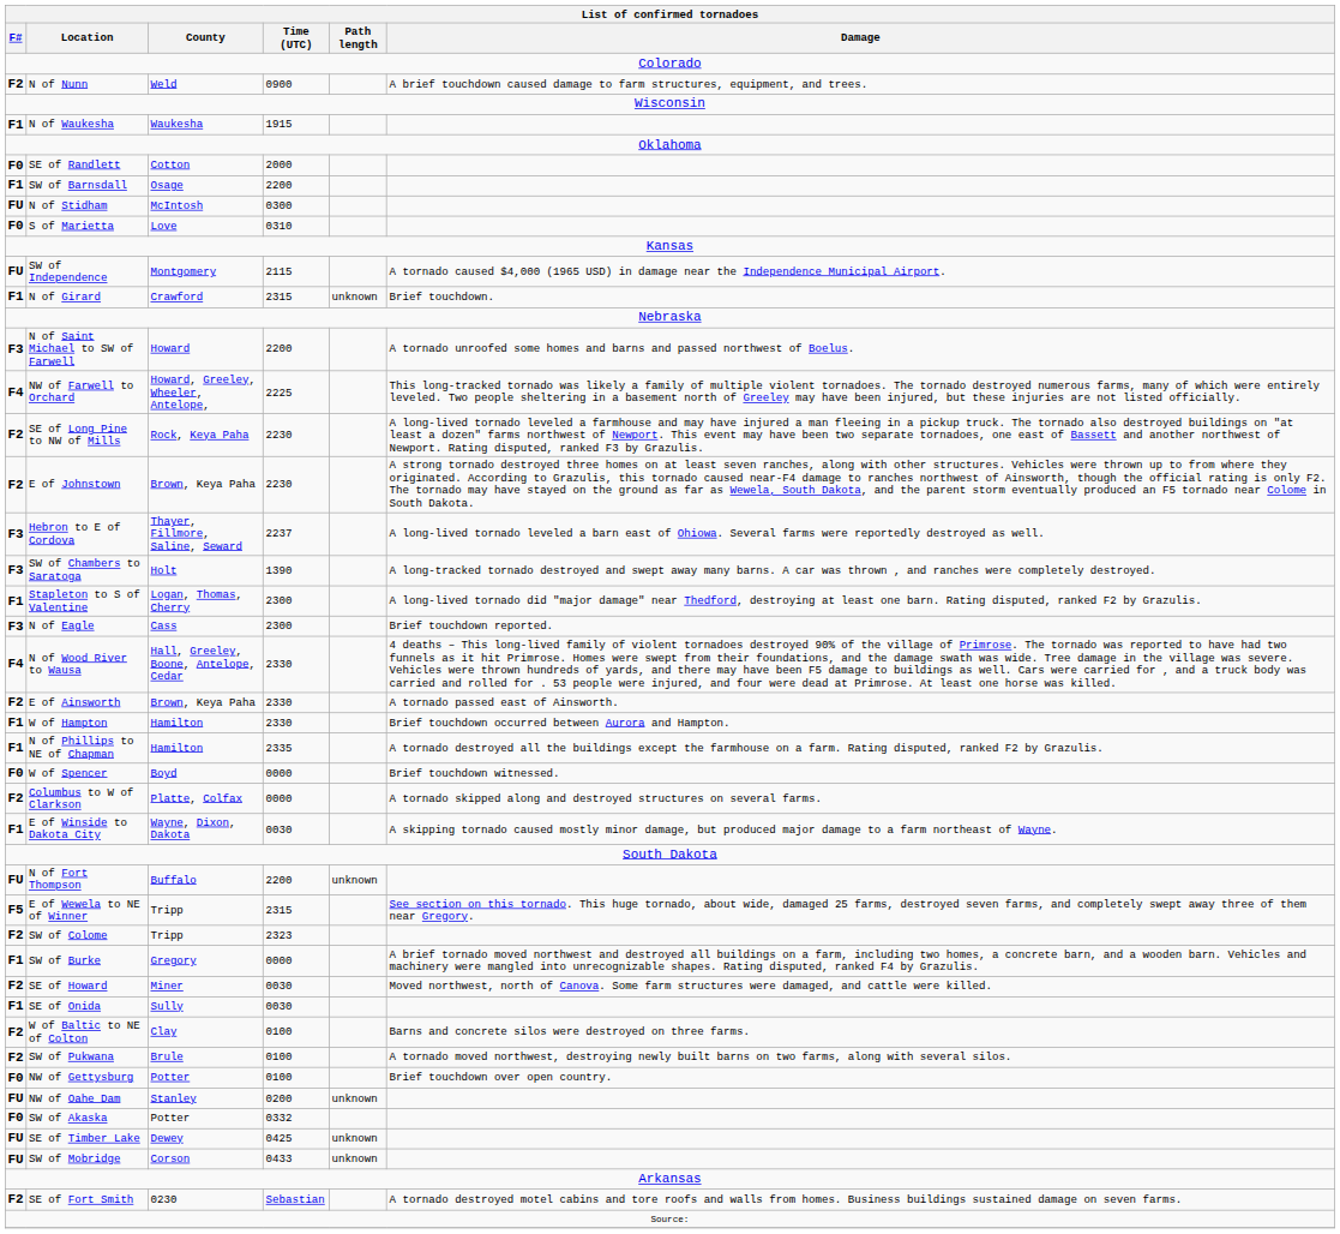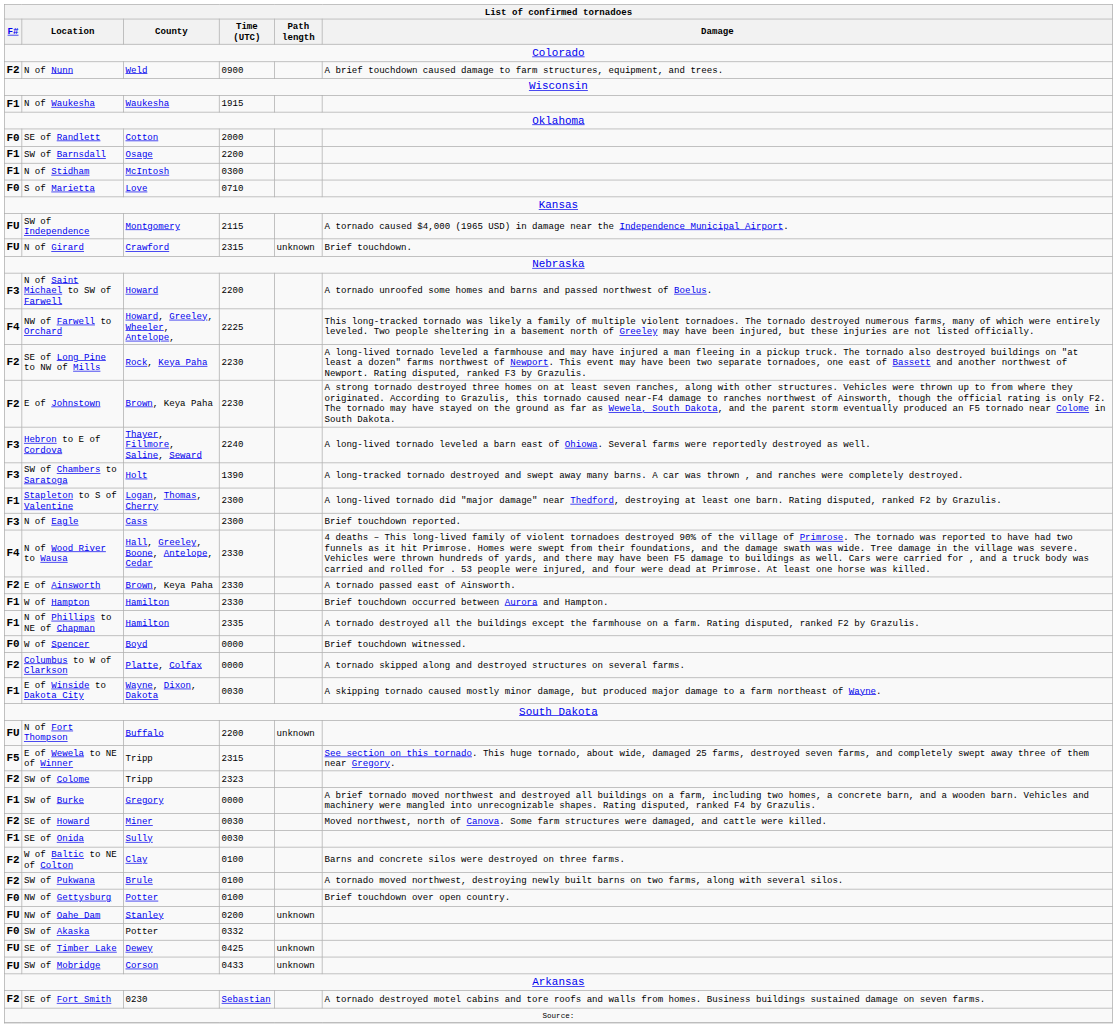 <table class="wikitable collapsible" style="width:100%;">
 <tr>
 <th colspan="6">List of confirmed tornadoes</th>
 </tr>
 <tr>
 <th><a href='#'>F#</a></th>
 <th>Location</th>
 <th>County</th>
 <th>Time (UTC)</th>
 <th>Path length</th>
 <th>Damage</th>
 </tr>
 <tr>
 <td colspan="7" style="text-align:center;"><big><a href='#'>Colorado</a></big></td>
 </tr>
 <tr>
 <td><big><strong>F2</strong></big></td>
 <td>N of <a href='#'>Nunn</a></td>
 <td><a href='#'>Weld</a></td>
 <td>0900</td>
 <td></td>
 <td>A brief touchdown caused damage to farm structures, equipment, and trees.</td>
 </tr>
 <tr>
 <td colspan="7" style="text-align:center;"><big><a href='#'>Wisconsin</a></big></td>
 </tr>
 <tr>
 <td><big><strong>F1</strong></big></td>
 <td>N of <a href='#'>Waukesha</a></td>
 <td><a href='#'>Waukesha</a></td>
 <td>1915</td>
 <td></td>
 <td></td>
 </tr>
 <tr>
 <td colspan="7" style="text-align:center;"><big><a href='#'>Oklahoma</a></big></td>
 </tr>
 <tr>
 <td><big><strong>F0</strong></big></td>
 <td>SE of <a href='#'>Randlett</a></td>
 <td><a href='#'>Cotton</a></td>
 <td>2000</td>
 <td></td>
 <td></td>
 </tr>
 <tr>
 <td><big><strong>F1</strong></big></td>
 <td>SW of <a href='#'>Barnsdall</a></td>
 <td><a href='#'>Osage</a></td>
 <td>2200</td>
 <td></td>
 <td></td>
 </tr>
 <tr>
-<td><big><strong>FU</strong></big></td>
+<td><big><strong>F1</strong></big></td>
 <td>N of <a href='#'>Stidham</a></td>
 <td><a href='#'>McIntosh</a></td>
 <td>0300</td>
 <td></td>
 <td></td>
 </tr>
 <tr>
 <td><big><strong>F0</strong></big></td>
 <td>S of <a href='#'>Marietta</a></td>
 <td><a href='#'>Love</a></td>
-<td>0310</td>
+<td>0710</td>
 <td></td>
 <td></td>
 </tr>
 <tr>
 <td colspan="7" style="text-align:center;"><big><a href='#'>Kansas</a></big></td>
 </tr>
 <tr>
 <td><big><strong>FU</strong></big></td>
 <td>SW of <a href='#'>Independence</a></td>
 <td><a href='#'>Montgomery</a></td>
 <td>2115</td>
 <td></td>
 <td>A tornado caused $4,000 (1965 USD) in damage near the <a href='#'>Independence Municipal Airport</a>.</td>
 </tr>
 <tr>
-<td><big><strong>F1</strong></big></td>
+<td><big><strong>FU</strong></big></td>
 <td>N of <a href='#'>Girard</a></td>
 <td><a href='#'>Crawford</a></td>
 <td>2315</td>
 <td>unknown</td>
 <td>Brief touchdown.</td>
 </tr>
 <tr>
 <td colspan="7" style="text-align:center;"><big><a href='#'>Nebraska</a></big></td>
 </tr>
 <tr>
 <td><big><strong>F3</strong></big></td>
 <td>N of <a href='#'>Saint Michael</a> to SW of <a href='#'>Farwell</a></td>
 <td><a href='#'>Howard</a></td>
 <td>2200</td>
 <td></td>
 <td>A tornado unroofed some homes and barns and passed northwest of <a href='#'>Boelus</a>.</td>
 </tr>
 <tr>
 <td><big><strong>F4</strong></big></td>
 <td>NW of <a href='#'>Farwell</a> to <a href='#'>Orchard</a></td>
 <td><a href='#'>Howard</a>, <a href='#'>Greeley</a>, <a href='#'>Wheeler</a>, <a href='#'>Antelope</a>,</td>
 <td>2225</td>
 <td></td>
 <td>This long-tracked tornado was likely a family of multiple violent tornadoes. The tornado destroyed numerous farms, many of which were entirely leveled. Two people sheltering in a basement north of <a href='#'>Greeley</a> may have been injured, but these injuries are not listed officially.</td>
 </tr>
 <tr>
 <td><big><strong>F2</strong></big></td>
 <td>SE of <a href='#'>Long Pine</a> to NW of <a href='#'>Mills</a></td>
 <td><a href='#'>Rock</a>, <a href='#'>Keya Paha</a></td>
 <td>2230</td>
 <td></td>
 <td>A long-lived tornado leveled a farmhouse and may have injured a man fleeing in a pickup truck. The tornado also destroyed buildings on "at least a dozen" farms northwest of <a href='#'>Newport</a>. This event may have been two separate tornadoes, one  east of <a href='#'>Bassett</a> and another northwest of Newport. Rating disputed, ranked F3 by Grazulis.</td>
 </tr>
 <tr>
 <td><big><strong>F2</strong></big></td>
 <td>E of <a href='#'>Johnstown</a></td>
 <td><a href='#'>Brown</a>, Keya Paha</td>
 <td>2230</td>
 <td></td>
 <td>A strong tornado destroyed three homes on at least seven ranches, along with other structures. Vehicles were thrown up to  from where they originated. According to Grazulis, this tornado caused near-F4 damage to ranches  northwest of Ainsworth, though the official rating is only F2. The tornado may have stayed on the ground as far as <a href='#'>Wewela, South Dakota</a>, and the parent storm eventually produced an F5 tornado near <a href='#'>Colome</a> in South Dakota.</td>
 </tr>
 <tr>
 <td><big><strong>F3</strong></big></td>
 <td><a href='#'>Hebron</a> to E of <a href='#'>Cordova</a></td>
 <td><a href='#'>Thayer</a>, <a href='#'>Fillmore</a>, <a href='#'>Saline</a>, <a href='#'>Seward</a></td>
-<td>2237</td>
+<td>2240</td>
 <td></td>
 <td>A long-lived tornado leveled a barn  east of <a href='#'>Ohiowa</a>. Several farms were reportedly destroyed as well.</td>
 </tr>
 <tr>
 <td><big><strong>F3</strong></big></td>
 <td>SW of <a href='#'>Chambers</a> to <a href='#'>Saratoga</a></td>
 <td><a href='#'>Holt</a></td>
 <td>1390</td>
 <td></td>
 <td>A long-tracked tornado destroyed and swept away many barns. A car was thrown , and ranches were completely destroyed.</td>
 </tr>
 <tr>
 <td><big><strong>F1</strong></big></td>
 <td><a href='#'>Stapleton</a> to S of <a href='#'>Valentine</a></td>
 <td><a href='#'>Logan</a>, <a href='#'>Thomas</a>, <a href='#'>Cherry</a></td>
 <td>2300</td>
 <td></td>
 <td>A long-lived tornado did "major damage" near <a href='#'>Thedford</a>, destroying at least one barn. Rating disputed, ranked F2 by Grazulis.</td>
 </tr>
 <tr>
 <td><big><strong>F3</strong></big></td>
 <td>N of <a href='#'>Eagle</a></td>
 <td><a href='#'>Cass</a></td>
 <td>2300</td>
 <td></td>
 <td>Brief touchdown reported.</td>
 </tr>
 <tr>
 <td><big><strong>F4</strong></big></td>
 <td>N of <a href='#'>Wood River</a> to <a href='#'>Wausa</a></td>
 <td><a href='#'>Hall</a>, <a href='#'>Greeley</a>, <a href='#'>Boone</a>, <a href='#'>Antelope</a>, <a href='#'>Cedar</a></td>
 <td>2330</td>
 <td></td>
 <td>4 deaths – This long-lived family of violent tornadoes destroyed 90% of the village of <a href='#'>Primrose</a>. The tornado was reported to have had two funnels as it hit Primrose.  Homes were swept from their foundations, and the damage swath was  wide.  Tree damage in the village was severe. Vehicles were thrown hundreds of yards, and there may have been F5 damage to buildings as well. Cars were carried for , and a truck body was carried and rolled for . 53 people were injured, and four were dead at Primrose. At least one horse was killed.</td>
 </tr>
 <tr>
 <td><big><strong>F2</strong></big></td>
 <td>E of <a href='#'>Ainsworth</a></td>
 <td><a href='#'>Brown</a>, Keya Paha</td>
 <td>2330</td>
 <td></td>
 <td>A tornado passed east of Ainsworth.</td>
 </tr>
 <tr>
 <td><big><strong>F1</strong></big></td>
 <td>W of <a href='#'>Hampton</a></td>
 <td><a href='#'>Hamilton</a></td>
 <td>2330</td>
 <td></td>
 <td>Brief touchdown occurred between <a href='#'>Aurora</a> and Hampton.</td>
 </tr>
 <tr>
 <td><big><strong>F1</strong></big></td>
 <td>N of <a href='#'>Phillips</a> to NE of <a href='#'>Chapman</a></td>
 <td><a href='#'>Hamilton</a></td>
 <td>2335</td>
 <td></td>
 <td>A tornado destroyed all the buildings except the farmhouse on a farm. Rating disputed, ranked F2 by Grazulis.</td>
 </tr>
 <tr>
 <td><big><strong>F0</strong></big></td>
 <td>W of <a href='#'>Spencer</a></td>
 <td><a href='#'>Boyd</a></td>
 <td>0000</td>
 <td></td>
 <td>Brief touchdown witnessed.</td>
 </tr>
 <tr>
 <td><big><strong>F2</strong></big></td>
 <td><a href='#'>Columbus</a> to W of <a href='#'>Clarkson</a></td>
 <td><a href='#'>Platte</a>, <a href='#'>Colfax</a></td>
 <td>0000</td>
 <td></td>
 <td>A tornado skipped along and destroyed structures on several farms.</td>
 </tr>
 <tr>
 <td><big><strong>F1</strong></big></td>
 <td>E of <a href='#'>Winside</a> to <a href='#'>Dakota City</a></td>
 <td><a href='#'>Wayne</a>, <a href='#'>Dixon</a>, <a href='#'>Dakota</a></td>
 <td>0030</td>
 <td></td>
 <td>A skipping tornado caused mostly minor damage, but produced major damage to a farm northeast of <a href='#'>Wayne</a>.</td>
 </tr>
 <tr>
 <td colspan="7" style="text-align:center;"><big><a href='#'>South Dakota</a></big></td>
 </tr>
 <tr>
 <td><big><strong>FU</strong></big></td>
 <td>N of <a href='#'>Fort Thompson</a></td>
 <td><a href='#'>Buffalo</a></td>
 <td>2200</td>
 <td>unknown</td>
 <td></td>
 </tr>
 <tr>
 <td><big><strong>F5</strong></big></td>
 <td>E of <a href='#'>Wewela</a> to NE of <a href='#'>Winner</a></td>
 <td>Tripp</td>
 <td>2315</td>
 <td></td>
 <td><a href='#'>See section on this tornado</a>. This huge tornado, about  wide, damaged 25 farms, destroyed seven farms, and completely swept away three of them near <a href='#'>Gregory</a>.</td>
 </tr>
 <tr>
 <td><big><strong>F2</strong></big></td>
 <td>SW of <a href='#'>Colome</a></td>
 <td>Tripp</td>
 <td>2323</td>
 <td></td>
 <td></td>
 </tr>
 <tr>
 <td><big><strong>F1</strong></big></td>
 <td>SW of <a href='#'>Burke</a></td>
 <td><a href='#'>Gregory</a></td>
 <td>0000</td>
 <td></td>
 <td>A brief tornado moved northwest and destroyed all buildings on a farm, including two homes, a concrete barn, and a wooden barn. Vehicles and machinery were mangled into unrecognizable shapes. Rating disputed, ranked F4 by Grazulis.</td>
 </tr>
 <tr>
 <td><big><strong>F2</strong></big></td>
 <td>SE of <a href='#'>Howard</a></td>
 <td><a href='#'>Miner</a></td>
 <td>0030</td>
 <td></td>
 <td>Moved northwest, north of <a href='#'>Canova</a>. Some farm structures were damaged, and cattle were killed.</td>
 </tr>
 <tr>
 <td><big><strong>F1</strong></big></td>
 <td>SE of <a href='#'>Onida</a></td>
 <td><a href='#'>Sully</a></td>
 <td>0030</td>
 <td></td>
 <td></td>
 </tr>
 <tr>
 <td><big><strong>F2</strong></big></td>
 <td>W of <a href='#'>Baltic</a> to NE of <a href='#'>Colton</a></td>
 <td><a href='#'>Clay</a></td>
 <td>0100</td>
 <td></td>
 <td>Barns and concrete silos were destroyed on three farms.</td>
 </tr>
 <tr>
 <td><big><strong>F2</strong></big></td>
 <td>SW of <a href='#'>Pukwana</a></td>
 <td><a href='#'>Brule</a></td>
 <td>0100</td>
 <td></td>
 <td>A tornado moved northwest, destroying newly built barns on two farms, along with several silos.</td>
 </tr>
 <tr>
 <td><big><strong>F0</strong></big></td>
 <td>NW of <a href='#'>Gettysburg</a></td>
 <td><a href='#'>Potter</a></td>
 <td>0100</td>
 <td></td>
 <td>Brief touchdown over open country.</td>
 </tr>
 <tr>
 <td><big><strong>FU</strong></big></td>
 <td>NW of <a href='#'>Oahe Dam</a></td>
 <td><a href='#'>Stanley</a></td>
 <td>0200</td>
 <td>unknown</td>
 <td></td>
 </tr>
 <tr>
 <td><big><strong>F0</strong></big></td>
 <td>SW of <a href='#'>Akaska</a></td>
 <td>Potter</td>
 <td>0332</td>
 <td></td>
 <td></td>
 </tr>
 <tr>
 <td><big><strong>FU</strong></big></td>
 <td>SE of <a href='#'>Timber Lake</a></td>
 <td><a href='#'>Dewey</a></td>
 <td>0425</td>
 <td>unknown</td>
 <td></td>
 </tr>
 <tr>
 <td><big><strong>FU</strong></big></td>
 <td>SW of <a href='#'>Mobridge</a></td>
 <td><a href='#'>Corson</a></td>
 <td>0433</td>
 <td>unknown</td>
 <td></td>
 </tr>
 <tr>
 <td colspan="7" style="text-align:center;"><big><a href='#'>Arkansas</a></big></td>
 </tr>
 <tr>
 <td><big><strong>F2</strong></big></td>
 <td>SE of <a href='#'>Fort Smith</a></td>
 <td>0230</td>
 <td><a href='#'>Sebastian</a></td>
 <td></td>
 <td>A tornado destroyed motel cabins and tore roofs and walls from homes. Business buildings sustained damage on seven farms.</td>
 </tr>
 <tr>
 <td colspan="7" align=center><small>Source: </small></td>
 </tr>
 <tr>
 </tr>
 </table>
